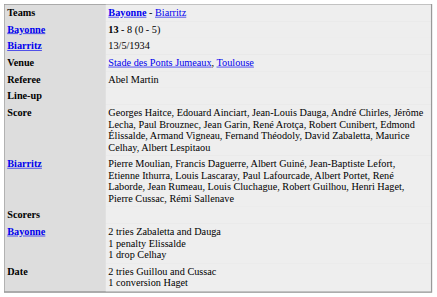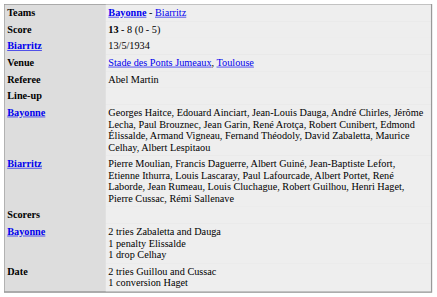 <table align="left" cellpadding="4" cellspacing="0"  style="margin: 0 0 0 0; border: 1px solid #999; border-right-width: 2px; border-bottom-width: 2px; background-color: #DDDDDD">
 <tr>
 <td width="150" valign="top"><strong>Teams</strong></td>
 <td width="500" bgcolor=#EEEEEE><strong><a href='#'>Bayonne</a></strong> - <a href='#'>Biarritz</a></td>
 </tr>
 <tr>
-<td valign="top"><strong> <a href='#'>Bayonne</a> </strong></td>
+<td valign="top"><strong>Score</strong></td>
 <td bgcolor=#EEEEEE><strong>13</strong> - 8 (0 - 5)</td>
 </tr>
 <tr>
 <td valign="top"><strong><a href='#'>Biarritz</a>   </strong></td>
 <td bgcolor=#EEEEEE>13/5/1934</td>
 </tr>
 <tr>
 <td valign="top"><strong>Venue</strong></td>
 <td bgcolor=#EEEEEE><a href='#'>Stade des Ponts Jumeaux</a>, <a href='#'>Toulouse</a></td>
 </tr>
 <tr>
 <td valign="top"><strong>Referee</strong></td>
 <td bgcolor=#EEEEEE>Abel Martin</td>
 </tr>
 <tr>
 <td valign="top"><strong>Line-up</strong></td>
 <td bgcolor=#EEEEEE></td>
 </tr>
 <tr>
-<td valign="top"><strong>Score</strong></td>
+<td valign="top"><strong> <a href='#'>Bayonne</a> </strong></td>
 <td bgcolor=#EEEEEE>Georges Haitce, Edouard Ainciart, Jean-Louis Dauga, André Chirles, Jérôme Lecha, Paul Brouznec, Jean Garin, René Arotça, Robert Cunibert, Edmond Élissalde, Armand Vigneau, Fernand Théodoly, David Zabaletta, Maurice Celhay, Albert Lespitaou</td>
 </tr>
 <tr>
 <td valign="top"><strong><a href='#'>Biarritz</a>   </strong></td>
 <td bgcolor=#EEEEEE>Pierre Moulian, Francis Daguerre, Albert Guiné, Jean-Baptiste Lefort, Etienne Ithurra, Louis Lascaray, Paul Lafourcade, Albert Portet, René Laborde, Jean Rumeau, Louis Cluchague, Robert Guilhou, Henri Haget, Pierre Cussac, Rémi Sallenave</td>
 </tr>
 <tr>
 <td valign="top"><strong>Scorers</strong></td>
 <td bgcolor=#EEEEEE></td>
 </tr>
 <tr>
 <td valign="top"><strong> <a href='#'>Bayonne</a> </strong></td>
 <td bgcolor=#EEEEEE>2 tries Zabaletta and Dauga<br>1 penalty Elissalde<br>1 drop Celhay</td>
 </tr>
 <tr>
 <td valign="top"><strong>Date</strong></td>
 <td bgcolor=#EEEEEE>2 tries Guillou and Cussac<br>1 conversion Haget</td>
 </tr>
 </table>
